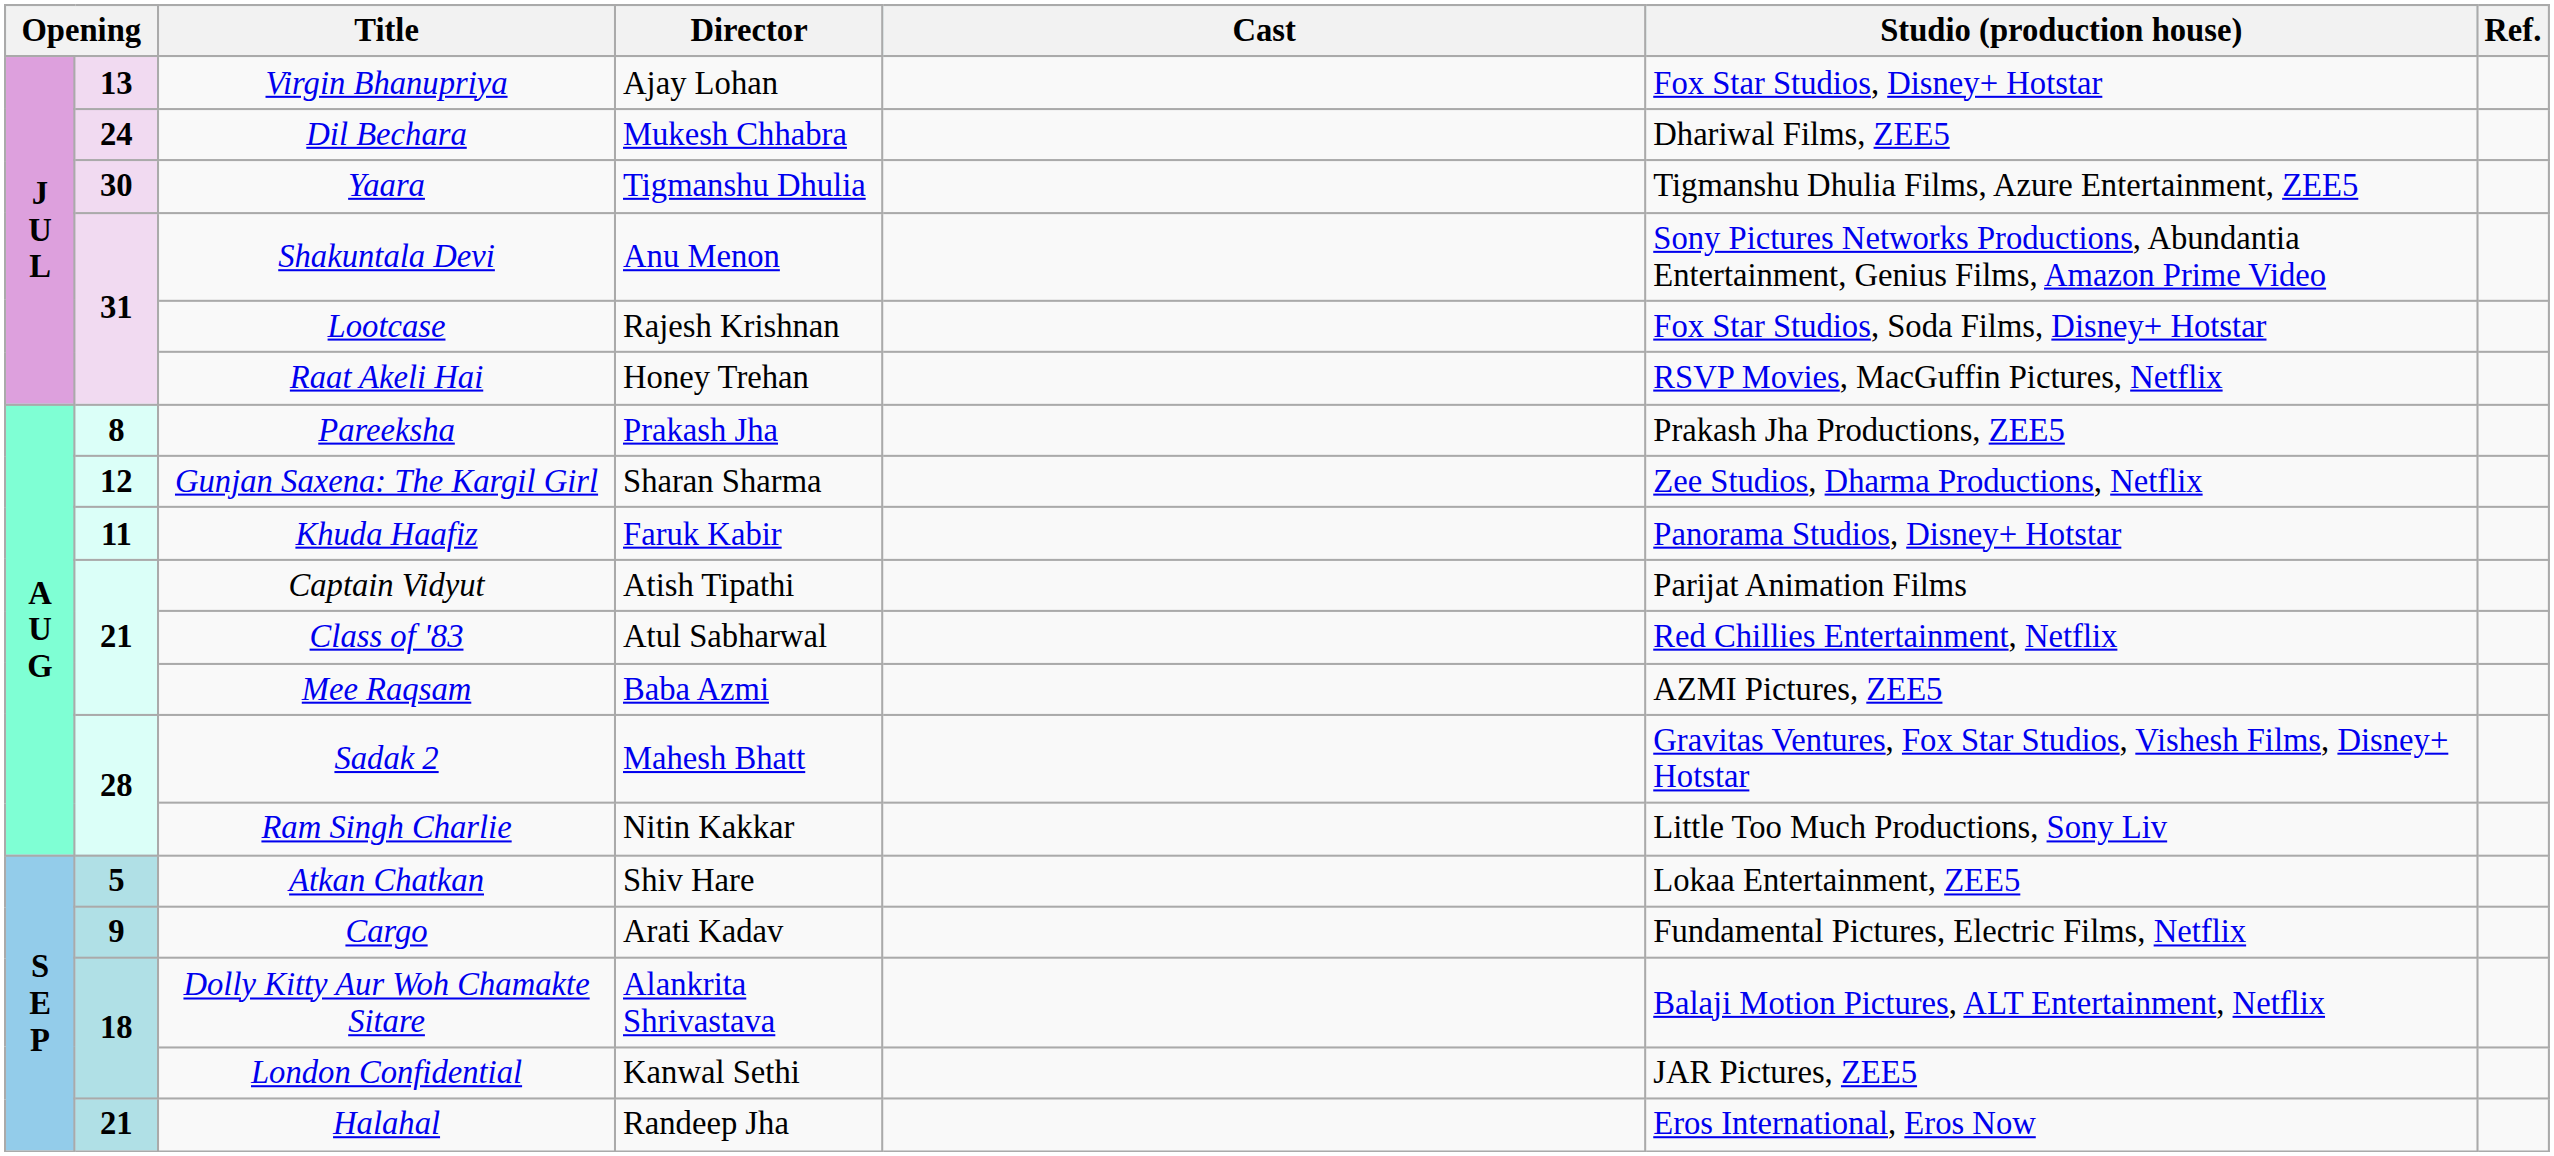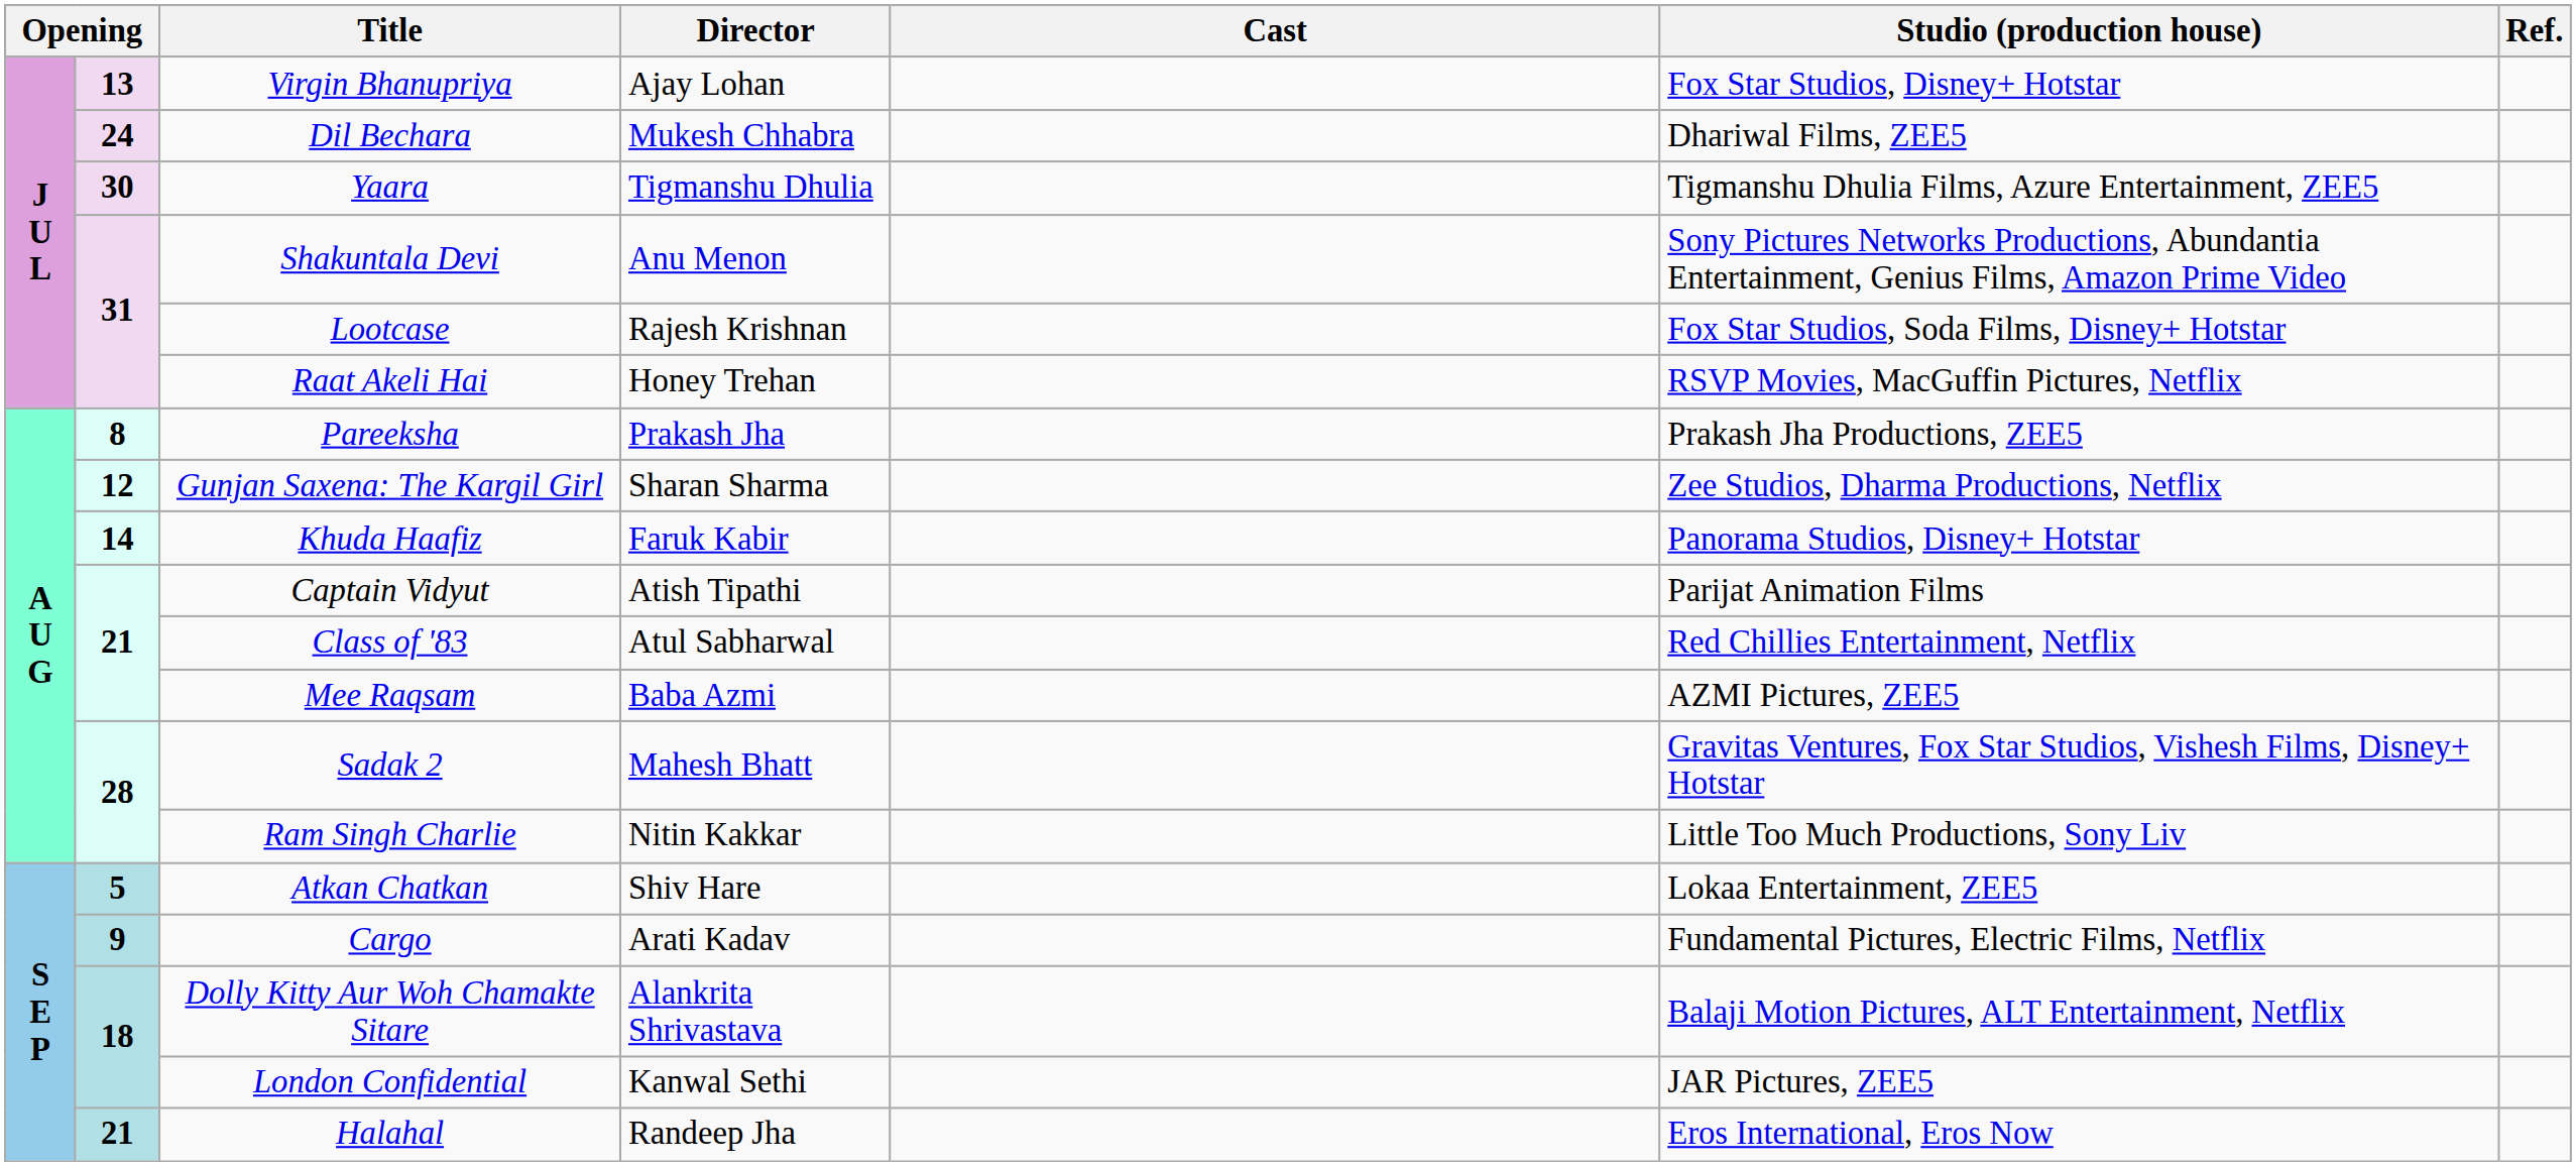 <table class="wikitable">
 <tr style="background:#b0e0e6; text-align:center;">
 <th colspan="2" style="width:6%;"><strong>Opening</strong></th>
 <th style="width:18%;"><strong>Title</strong></th>
 <th style="width:10.5%;"><strong>Director</strong></th>
 <th style="width:30%;"><strong>Cast</strong></th>
 <th>Studio (production house)</th>
 <th>Ref.</th>
 </tr>
 <tr July>
 <td rowspan="6" style="text-align:center; background:plum; textcolor:#000;"><strong>J<br>U<br>L</strong></td>
 <td style="text-align:center;background:#f1daf1;"><strong>13</strong></td>
 <td style="text-align:center;"><em><a href='#'>Virgin Bhanupriya</a></em></td>
 <td>Ajay Lohan</td>
 <td></td>
 <td><a href='#'>Fox Star Studios</a>, <a href='#'>Disney+ Hotstar</a></td>
 <td></td>
 </tr>
 <tr>
 <td style="text-align:center;background:#f1daf1;"><strong>24</strong></td>
 <td style="text-align:center;"><em><a href='#'>Dil Bechara</a></em></td>
 <td><a href='#'>Mukesh Chhabra</a></td>
 <td></td>
 <td>Dhariwal Films, <a href='#'>ZEE5</a></td>
 <td></td>
 </tr>
 <tr>
 <td style="text-align:center;background:#f1daf1;"><strong>30</strong></td>
 <td style="text-align:center;"><em><a href='#'>Yaara</a></em></td>
 <td><a href='#'>Tigmanshu Dhulia</a></td>
 <td></td>
 <td>Tigmanshu Dhulia Films, Azure Entertainment, <a href='#'>ZEE5</a></td>
 <td></td>
 </tr>
 <tr>
 <td rowspan="3" style="text-align:center;background:#f1daf1;"><strong>31</strong></td>
 <td style="text-align:center;"><em><a href='#'>Shakuntala Devi</a></em></td>
 <td><a href='#'>Anu Menon</a></td>
 <td></td>
 <td><a href='#'>Sony Pictures Networks Productions</a>, Abundantia Entertainment, Genius Films, <a href='#'>Amazon Prime Video</a></td>
 <td></td>
 </tr>
 <tr>
 <td style="text-align:center;"><em><a href='#'>Lootcase</a></em></td>
 <td>Rajesh Krishnan</td>
 <td></td>
 <td><a href='#'>Fox Star Studios</a>, Soda Films, <a href='#'>Disney+ Hotstar</a></td>
 <td></td>
 </tr>
 <tr>
 <td style="text-align:center;"><em><a href='#'>Raat Akeli Hai</a></em></td>
 <td>Honey Trehan</td>
 <td></td>
 <td><a href='#'>RSVP Movies</a>, MacGuffin Pictures, <a href='#'>Netflix</a></td>
 <td></td>
 </tr>
 <tr>
 <td rowspan="8" style="text-align:center; background:#7FFFD4; textcolor:#000;"><strong>A<br>U<br>G</strong></td>
 <td style="text-align:center;background:#dbfff8;"><strong>8</strong></td>
 <td style="text-align:center;"><em><a href='#'>Pareeksha</a></em></td>
 <td><a href='#'>Prakash Jha</a></td>
 <td></td>
 <td>Prakash Jha Productions, <a href='#'>ZEE5</a></td>
 <td></td>
 </tr>
 <tr>
 <td style="text-align:center;background:#dbfff8;"><strong>12</strong></td>
 <td style="text-align:center;"><em><a href='#'>Gunjan Saxena: The Kargil Girl</a></em></td>
 <td>Sharan Sharma</td>
 <td></td>
 <td><a href='#'>Zee Studios</a>, <a href='#'>Dharma Productions</a>, <a href='#'>Netflix</a></td>
 <td></td>
 </tr>
 <tr>
-<td style="text-align:center;background:#dbfff8;"><strong>11</strong></td>
+<td style="text-align:center;background:#dbfff8;"><strong>14</strong></td>
 <td style="text-align:center;"><em><a href='#'>Khuda Haafiz</a></em></td>
 <td><a href='#'>Faruk Kabir</a></td>
 <td></td>
 <td><a href='#'>Panorama Studios</a>, <a href='#'>Disney+ Hotstar</a></td>
 <td></td>
 </tr>
 <tr>
 <td rowspan="3" style="text-align:center;background:#dbfff8;"><strong>21</strong></td>
 <td style="text-align:center;"><em>Captain Vidyut</em></td>
 <td>Atish Tipathi</td>
 <td></td>
 <td>Parijat Animation Films</td>
 <td></td>
 </tr>
 <tr>
 <td style="text-align:center;"><em><a href='#'>Class of '83</a></em></td>
 <td>Atul Sabharwal</td>
 <td></td>
 <td><a href='#'>Red Chillies Entertainment</a>, <a href='#'>Netflix</a></td>
 <td></td>
 </tr>
 <tr>
 <td style="text-align:center;"><em><a href='#'>Mee Raqsam</a></em></td>
 <td><a href='#'>Baba Azmi</a></td>
 <td></td>
 <td>AZMI Pictures, <a href='#'>ZEE5</a></td>
 <td></td>
 </tr>
 <tr>
 <td rowspan="2" style="text-align:center;background:#dbfff8;"><strong>28</strong></td>
 <td style="text-align:center;"><em><a href='#'>Sadak 2</a></em></td>
 <td><a href='#'>Mahesh Bhatt</a></td>
 <td></td>
 <td><a href='#'>Gravitas Ventures</a>, <a href='#'>Fox Star Studios</a>, <a href='#'>Vishesh Films</a>, <a href='#'>Disney+ Hotstar</a></td>
 <td></td>
 </tr>
 <tr>
 <td style="text-align:center;"><em><a href='#'>Ram Singh Charlie</a></em></td>
 <td>Nitin Kakkar</td>
 <td></td>
 <td>Little Too Much Productions, <a href='#'>Sony Liv</a></td>
 <td></td>
 </tr>
 <tr>
 <td rowspan="5" style="text-align:center; background:#93CCEA; textcolor:#000;"><strong>S<br>E<br>P</strong></td>
 <td style="text-align:center; background:#b0e0e6;"><strong>5</strong></td>
 <td style="text-align:center;"><em><a href='#'>Atkan Chatkan</a></em></td>
 <td>Shiv Hare</td>
 <td></td>
 <td>Lokaa Entertainment, <a href='#'>ZEE5</a></td>
 <td></td>
 </tr>
 <tr>
 <td style="text-align:center; background:#b0e0e6;"><strong>9</strong></td>
 <td style="text-align:center;"><em><a href='#'>Cargo</a></em></td>
 <td>Arati Kadav</td>
 <td></td>
 <td>Fundamental Pictures, Electric Films, <a href='#'>Netflix</a></td>
 <td></td>
 </tr>
 <tr>
 <td rowspan="2" style="text-align:center;background:#B0E0E6;"><strong>18</strong></td>
 <td style="text-align:center;"><em><a href='#'>Dolly Kitty Aur Woh Chamakte Sitare</a></em></td>
 <td><a href='#'>Alankrita Shrivastava</a></td>
 <td></td>
 <td><a href='#'>Balaji Motion Pictures</a>, <a href='#'>ALT Entertainment</a>, <a href='#'>Netflix</a></td>
 <td></td>
 </tr>
 <tr>
 <td style="text-align:center;"><em><a href='#'>London Confidential</a></em></td>
 <td>Kanwal Sethi</td>
 <td></td>
 <td>JAR Pictures, <a href='#'>ZEE5</a></td>
 <td></td>
 </tr>
 <tr>
 <td rowspan="2" style="text-align:center;background:#B0E0E6;"><strong>21</strong></td>
 <td style="text-align:center;"><em><a href='#'>Halahal</a></em></td>
 <td>Randeep Jha</td>
 <td></td>
 <td><a href='#'>Eros International</a>, <a href='#'>Eros Now</a></td>
 <td></td>
 </tr>
 </table>
